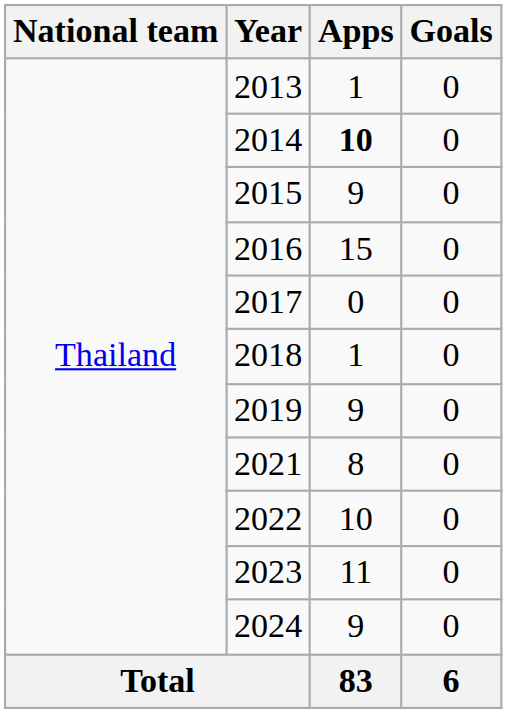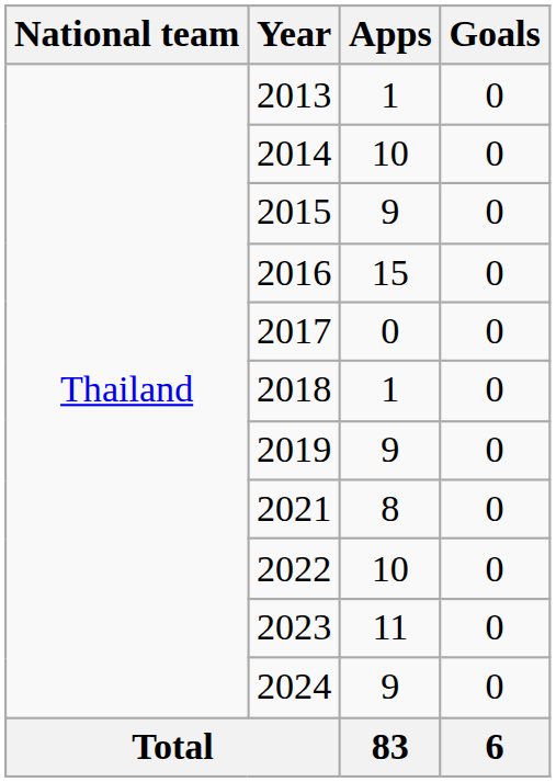 <table class="wikitable" style="text-align:center">
 <tr>
 <th>National team</th>
 <th>Year</th>
 <th>Apps</th>
 <th>Goals</th>
 </tr>
 <tr>
 <td rowspan="11" valign="center"><a href='#'>Thailand</a></td>
 <td>2013</td>
 <td>1</td>
 <td>0</td>
 </tr>
 <tr>
 <td>2014</td>
-<td><strong>10</strong></td>
+<td>10</td>
 <td>0</td>
 </tr>
 <tr>
 <td>2015</td>
 <td>9</td>
 <td>0</td>
 </tr>
 <tr>
 <td>2016</td>
 <td>15</td>
 <td>0</td>
 </tr>
 <tr>
 <td>2017</td>
 <td>0</td>
 <td>0</td>
 </tr>
 <tr>
 <td>2018</td>
 <td>1</td>
 <td>0</td>
 </tr>
 <tr>
 <td>2019</td>
 <td>9</td>
 <td>0</td>
 </tr>
 <tr>
 <td>2021</td>
 <td>8</td>
 <td>0</td>
 </tr>
 <tr>
 <td>2022</td>
 <td>10</td>
 <td>0</td>
 </tr>
 <tr>
 <td>2023</td>
 <td>11</td>
 <td>0</td>
 </tr>
 <tr>
 <td>2024</td>
 <td>9</td>
 <td>0</td>
 </tr>
 <tr>
 <th colspan="2">Total</th>
 <th>83</th>
 <th>6</th>
 </tr>
 </table>
